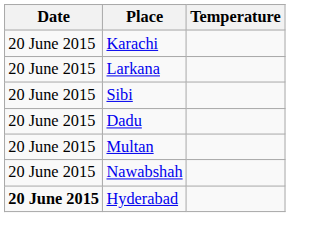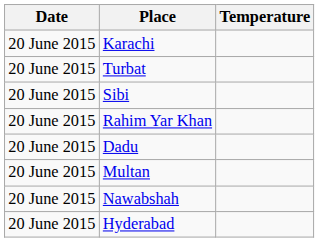 <table class="wikitable sortable">
 <tr>
 <th>Date</th>
 <th>Place</th>
 <th>Temperature</th>
 </tr>
 <tr>
 <td>20 June 2015</td>
 <td><a href='#'>Karachi</a></td>
 <td></td>
 </tr>
 <tr>
 <td>20 June 2015</td>
-<td><a href='#'>Larkana</a></td>
+<td><a href='#'>Turbat</a></td>
 <td></td>
 </tr>
 <tr>
 <td>20 June 2015</td>
 <td><a href='#'>Sibi</a></td>
+<td></td>
+</tr>
+<tr>
+<td>20 June 2015</td>
+<td><a href='#'>Rahim Yar Khan</a></td>
 <td></td>
 </tr>
 <tr>
 <td>20 June 2015</td>
 <td><a href='#'>Dadu</a></td>
 <td></td>
 </tr>
 <tr>
 <td>20 June 2015</td>
 <td><a href='#'>Multan</a></td>
 <td></td>
 </tr>
 <tr>
 <td>20 June 2015</td>
 <td><a href='#'>Nawabshah</a></td>
 <td></td>
 </tr>
 <tr>
-<td><strong>20 June 2015</strong></td>
+<td>20 June 2015</td>
 <td><a href='#'>Hyderabad</a></td>
 <td></td>
 </tr>
 </table>
